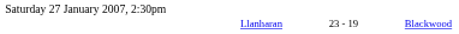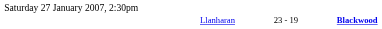 <table style="width:70%;" cellspacing="1">
 <tr>
 <th width=35%></th>
 <th width=15%></th>
 <th></th>
 </tr>
 <tr>
 <td>Saturday 27 January 2007, 2:30pm</td>
 </tr>
 <tr style=font-size:90%>
 <td align=right><a href='#'>Llanharan</a></td>
 <td align=center>23 - 19</td>
-<td><a href='#'>Blackwood</a></td>
+<td><strong><a href='#'>Blackwood</a></strong></td>
 </tr>
 </table>
